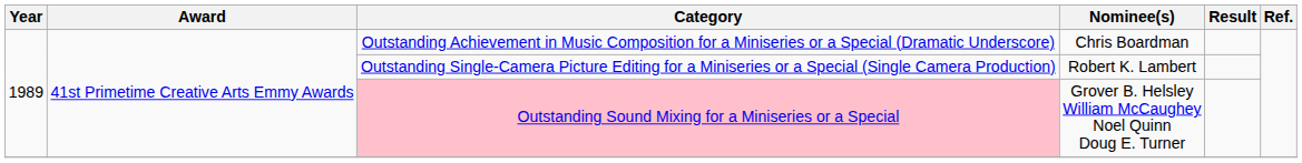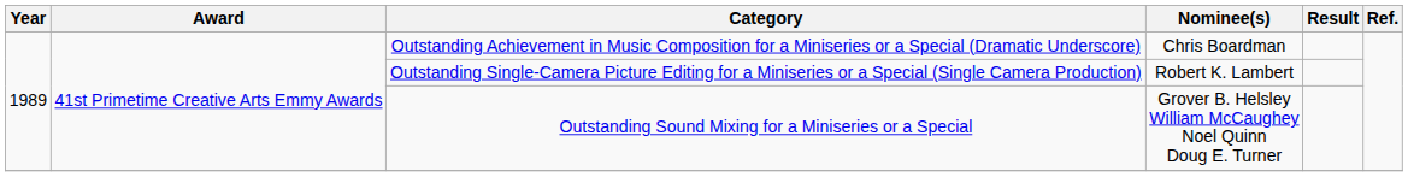 <table class="wikitable sortable plainrowheaders" style="text-align:center;">
 <tr>
 <th>Year</th>
 <th>Award</th>
 <th>Category</th>
 <th>Nominee(s)</th>
 <th>Result</th>
 <th>Ref.</th>
 </tr>
 <tr>
 <td rowspan="3">1989</td>
 <td rowspan="3"><a href='#'>41st Primetime Creative Arts Emmy Awards</a></td>
 <td><a href='#'>Outstanding Achievement in Music Composition for a Miniseries or a Special (Dramatic Underscore)</a></td>
 <td>Chris Boardman</td>
 <td></td>
 <td rowspan="3"></td>
 </tr>
 <tr>
 <td><a href='#'>Outstanding Single-Camera Picture Editing for a Miniseries or a Special (Single Camera Production)</a></td>
 <td>Robert K. Lambert</td>
 <td></td>
 </tr>
 <tr>
-<td style="background: pink;"><a href='#'>Outstanding Sound Mixing for a Miniseries or a Special</a></td>
+<td><a href='#'>Outstanding Sound Mixing for a Miniseries or a Special</a></td>
 <td>Grover B. Helsley <br> <a href='#'>William McCaughey</a> <br> Noel Quinn <br> Doug E. Turner</td>
 <td></td>
 </tr>
 <tr>
 </tr>
 </table>
